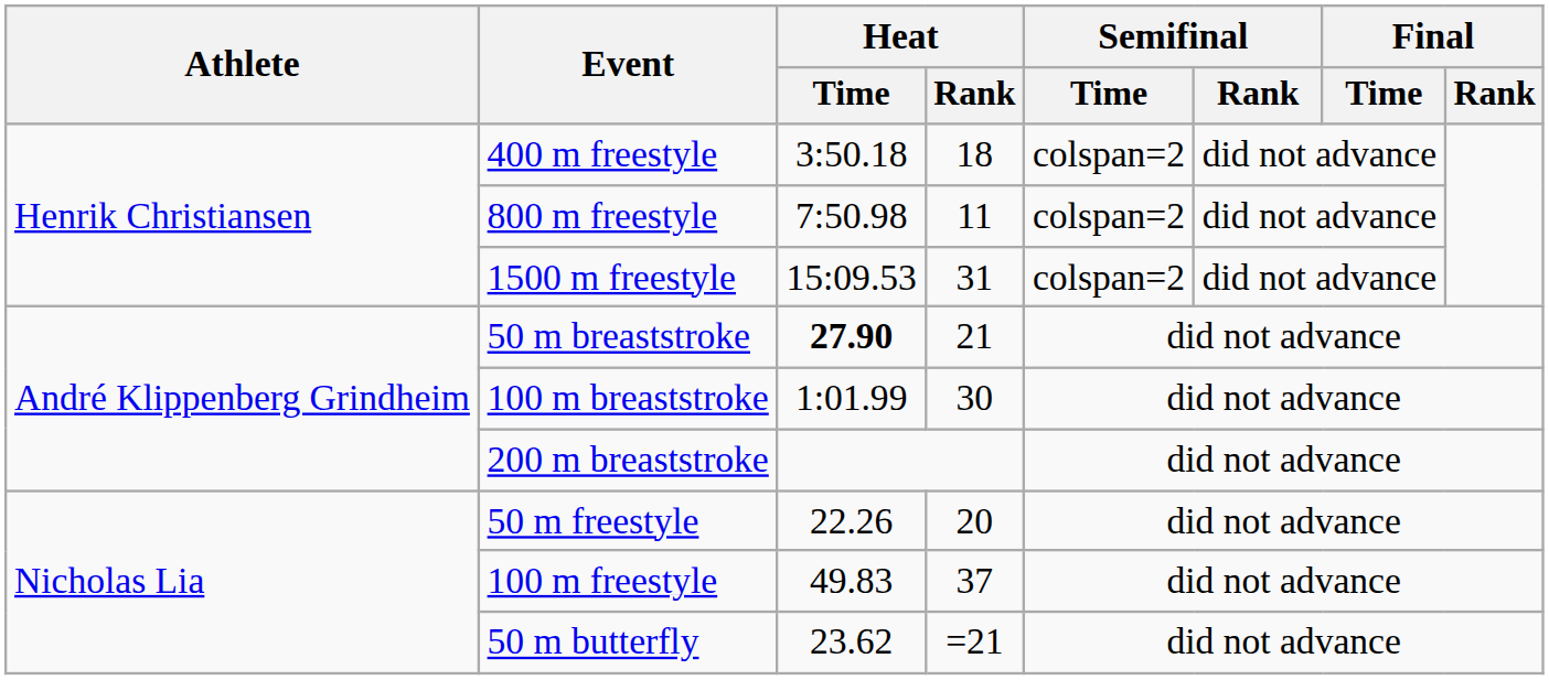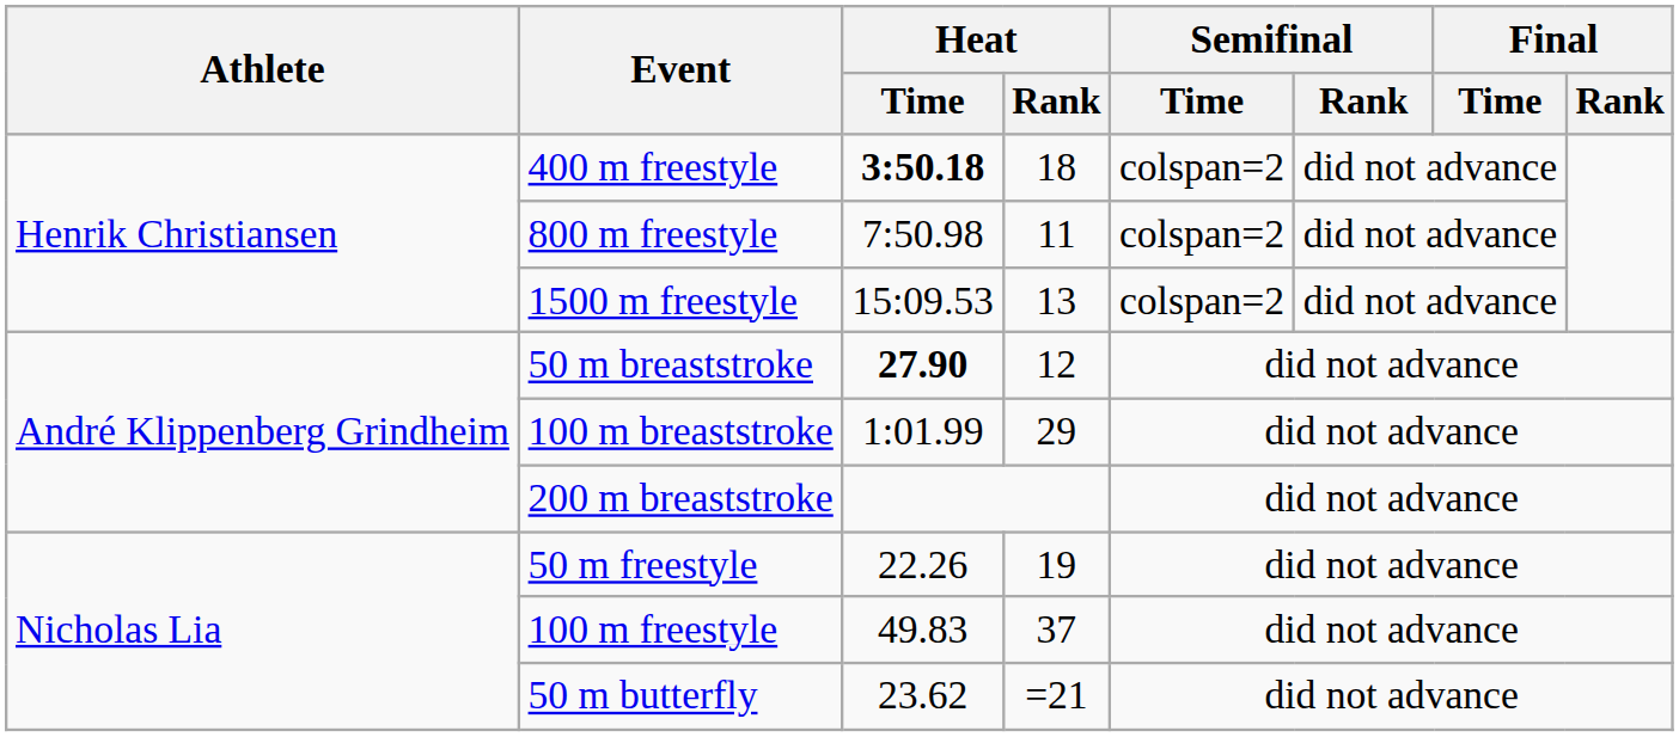 <table class="wikitable" style="text-align:center; font-size:90%">
 <tr>
 <th rowspan="2">Athlete</th>
 <th rowspan="2">Event</th>
 <th colspan="2">Heat</th>
 <th colspan="2">Semifinal</th>
 <th colspan="2">Final</th>
 </tr>
 <tr style="font-size:95%">
 <th>Time</th>
 <th>Rank</th>
 <th>Time</th>
 <th>Rank</th>
 <th>Time</th>
 <th>Rank</th>
 </tr>
 <tr>
 <td align=left rowspan=3><a href='#'>Henrik Christiansen</a></td>
 <td align=left><a href='#'>400 m freestyle</a></td>
-<td>3:50.18</td>
+<td><strong>3:50.18</strong></td>
 <td>18</td>
 <td>colspan=2 </td>
 <td colspan=2>did not advance</td>
 </tr>
 <tr>
 <td align=left><a href='#'>800 m freestyle</a></td>
 <td>7:50.98</td>
 <td>11</td>
 <td>colspan=2 </td>
 <td colspan=2>did not advance</td>
 </tr>
 <tr>
 <td align=left><a href='#'>1500 m freestyle</a></td>
 <td>15:09.53</td>
-<td>31</td>
+<td>13</td>
 <td>colspan=2 </td>
 <td colspan=2>did not advance</td>
 </tr>
 <tr>
 <td rowspan=3 align=left><a href='#'>André Klippenberg Grindheim</a></td>
 <td align=left><a href='#'>50 m breaststroke</a></td>
 <td><strong>27.90</strong></td>
-<td>21</td>
+<td>12</td>
 <td colspan=4>did not advance</td>
 </tr>
 <tr>
 <td align=left><a href='#'>100 m breaststroke</a></td>
 <td>1:01.99</td>
-<td>30</td>
+<td>29</td>
 <td colspan=4>did not advance</td>
 </tr>
 <tr>
 <td align=left><a href='#'>200 m breaststroke</a></td>
 <td colspan=2></td>
 <td colspan=4>did not advance</td>
 </tr>
 <tr>
 <td rowspan=3 align=left><a href='#'>Nicholas Lia</a></td>
 <td align=left><a href='#'>50 m freestyle</a></td>
 <td>22.26</td>
-<td>20</td>
+<td>19</td>
 <td colspan=4>did not advance</td>
 </tr>
 <tr>
 <td align=left><a href='#'>100 m freestyle</a></td>
 <td>49.83</td>
 <td>37</td>
 <td colspan=4>did not advance</td>
 </tr>
 <tr>
 <td align=left><a href='#'>50 m butterfly</a></td>
 <td>23.62</td>
 <td>=21</td>
 <td colspan=4>did not advance</td>
 </tr>
 </table>
